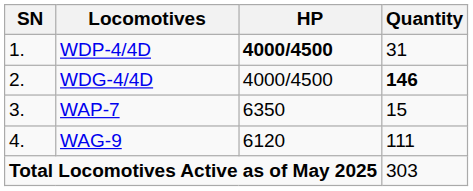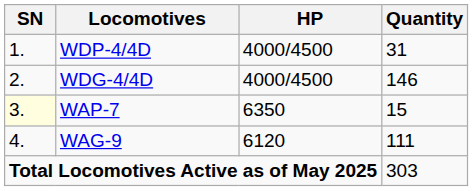 <table class="wikitable">
 <tr>
 <th>SN</th>
 <th>Locomotives</th>
 <th>HP</th>
 <th>Quantity</th>
 </tr>
 <tr>
 <td>1.</td>
 <td><a href='#'>WDP-4/4D</a></td>
-<td><strong>4000/4500</strong></td>
+<td>4000/4500</td>
 <td>31</td>
 </tr>
 <tr>
 <td>2.</td>
 <td><a href='#'>WDG-4/4D</a></td>
 <td>4000/4500</td>
-<td><strong>146</strong></td>
+<td>146</td>
 </tr>
 <tr>
-<td>3.</td>
+<td style="background: lightyellow;">3.</td>
 <td><a href='#'>WAP-7</a></td>
 <td>6350</td>
 <td>15</td>
 </tr>
 <tr>
 <td>4.</td>
 <td><a href='#'>WAG-9</a></td>
 <td>6120</td>
 <td>111</td>
 </tr>
 <tr>
 <td colspan="3"><strong>Total Locomotives Active as of May 2025</strong></td>
 <td>303</td>
 </tr>
 </table>
